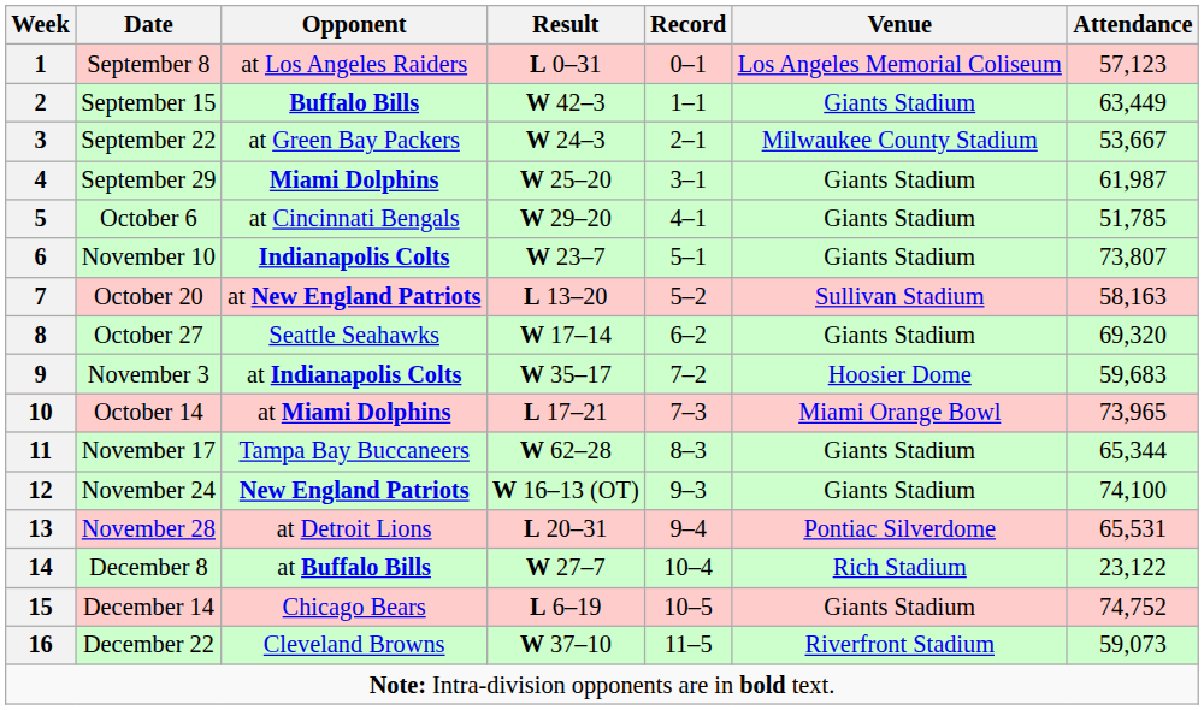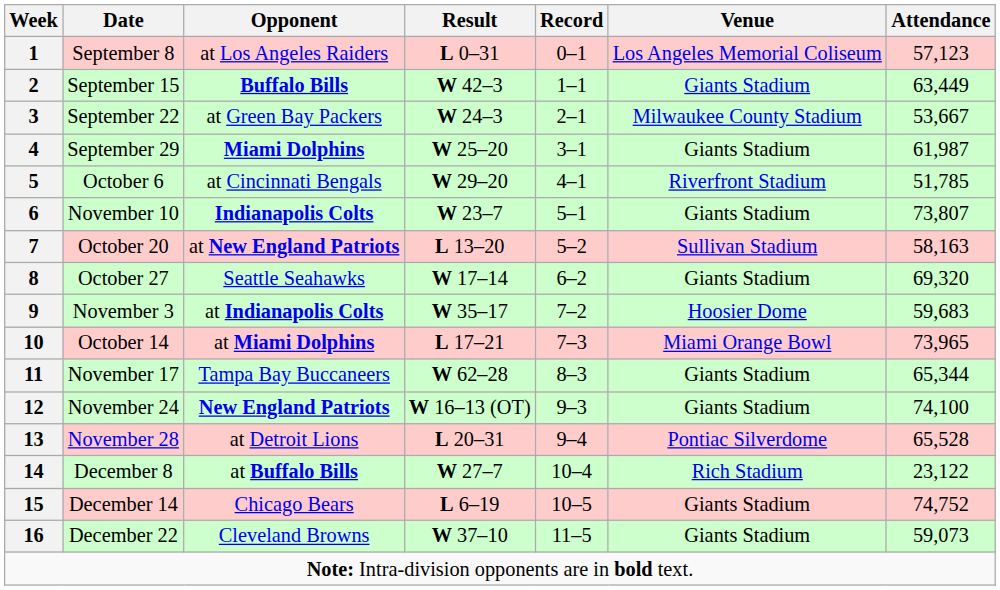 <table class="wikitable" style="text-align:center">
 <tr>
 <th>Week</th>
 <th>Date</th>
 <th>Opponent</th>
 <th>Result</th>
 <th>Record</th>
 <th>Venue</th>
 <th>Attendance</th>
 </tr>
 <tr style="background:#fcc">
 <th>1</th>
 <td>September 8</td>
 <td>at <a href='#'>Los Angeles Raiders</a></td>
 <td><strong>L</strong> 0–31</td>
 <td>0–1</td>
 <td><a href='#'>Los Angeles Memorial Coliseum</a></td>
 <td>57,123</td>
 </tr>
 <tr style="background:#cfc">
 <th>2</th>
 <td>September 15</td>
 <td><strong><a href='#'>Buffalo Bills</a></strong></td>
 <td><strong>W</strong> 42–3</td>
 <td>1–1</td>
 <td><a href='#'>Giants Stadium</a></td>
 <td>63,449</td>
 </tr>
 <tr style="background:#cfc">
 <th>3</th>
 <td>September 22</td>
 <td>at <a href='#'>Green Bay Packers</a></td>
 <td><strong>W</strong> 24–3</td>
 <td>2–1</td>
 <td><a href='#'>Milwaukee County Stadium</a></td>
 <td>53,667</td>
 </tr>
 <tr style="background:#cfc">
 <th>4</th>
 <td>September 29</td>
 <td><strong><a href='#'>Miami Dolphins</a></strong></td>
 <td><strong>W</strong> 25–20</td>
 <td>3–1</td>
 <td>Giants Stadium</td>
 <td>61,987</td>
 </tr>
 <tr style="background:#cfc">
 <th>5</th>
 <td>October 6</td>
 <td>at <a href='#'>Cincinnati Bengals</a></td>
 <td><strong>W</strong> 29–20</td>
 <td>4–1</td>
-<td>Giants Stadium</td>
+<td><a href='#'>Riverfront Stadium</a></td>
 <td>51,785</td>
 </tr>
 <tr style="background:#cfc">
 <th>6</th>
 <td>November 10</td>
 <td><strong><a href='#'>Indianapolis Colts</a></strong></td>
 <td><strong>W</strong> 23–7</td>
 <td>5–1</td>
 <td>Giants Stadium</td>
 <td>73,807</td>
 </tr>
 <tr style="background:#fcc">
 <th>7</th>
 <td>October 20</td>
 <td>at <strong><a href='#'>New England Patriots</a></strong></td>
 <td><strong>L</strong> 13–20</td>
 <td>5–2</td>
 <td><a href='#'>Sullivan Stadium</a></td>
 <td>58,163</td>
 </tr>
 <tr style="background:#cfc">
 <th>8</th>
 <td>October 27</td>
 <td><a href='#'>Seattle Seahawks</a></td>
 <td><strong>W</strong> 17–14</td>
 <td>6–2</td>
 <td>Giants Stadium</td>
 <td>69,320</td>
 </tr>
 <tr style="background:#cfc">
 <th>9</th>
 <td>November 3</td>
 <td>at <strong><a href='#'>Indianapolis Colts</a></strong></td>
 <td><strong>W</strong> 35–17</td>
 <td>7–2</td>
 <td><a href='#'>Hoosier Dome</a></td>
 <td>59,683</td>
 </tr>
 <tr style="background:#fcc">
 <th>10</th>
 <td>October 14</td>
 <td>at <strong><a href='#'>Miami Dolphins</a></strong></td>
 <td><strong>L</strong> 17–21</td>
 <td>7–3</td>
 <td><a href='#'>Miami Orange Bowl</a></td>
 <td>73,965</td>
 </tr>
 <tr style="background:#cfc">
 <th>11</th>
 <td>November 17</td>
 <td><a href='#'>Tampa Bay Buccaneers</a></td>
 <td><strong>W</strong> 62–28</td>
 <td>8–3</td>
 <td>Giants Stadium</td>
 <td>65,344</td>
 </tr>
 <tr style="background:#cfc">
 <th>12</th>
 <td>November 24</td>
 <td><strong><a href='#'>New England Patriots</a></strong></td>
 <td><strong>W</strong> 16–13 (OT)</td>
 <td>9–3</td>
 <td>Giants Stadium</td>
 <td>74,100</td>
 </tr>
 <tr style="background:#fcc">
 <th>13</th>
 <td><a href='#'>November 28</a></td>
 <td>at <a href='#'>Detroit Lions</a></td>
 <td><strong>L</strong> 20–31</td>
 <td>9–4</td>
 <td><a href='#'>Pontiac Silverdome</a></td>
-<td>65,531</td>
+<td>65,528</td>
 </tr>
 <tr style="background:#cfc">
 <th>14</th>
 <td>December 8</td>
 <td>at <strong><a href='#'>Buffalo Bills</a></strong></td>
 <td><strong>W</strong> 27–7</td>
 <td>10–4</td>
 <td><a href='#'>Rich Stadium</a></td>
 <td>23,122</td>
 </tr>
 <tr style="background:#fcc">
 <th>15</th>
 <td>December 14</td>
 <td><a href='#'>Chicago Bears</a></td>
 <td><strong>L</strong> 6–19</td>
 <td>10–5</td>
 <td>Giants Stadium</td>
 <td>74,752</td>
 </tr>
 <tr style="background:#cfc">
 <th>16</th>
 <td>December 22</td>
 <td><a href='#'>Cleveland Browns</a></td>
 <td><strong>W</strong> 37–10</td>
 <td>11–5</td>
-<td><a href='#'>Riverfront Stadium</a></td>
+<td>Giants Stadium</td>
 <td>59,073</td>
 </tr>
 <tr>
 <td colspan="8"><strong>Note:</strong> Intra-division opponents are in <strong>bold</strong> text.</td>
 </tr>
 </table>
